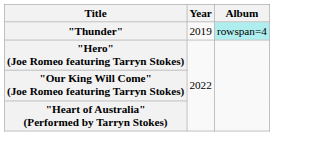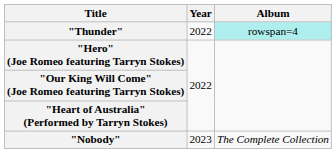 <table class="wikitable plainrowheaders" style="text-align:center;">
 <tr>
 <th>Title</th>
 <th>Year</th>
 <th>Album</th>
 </tr>
 <tr>
 <th scope="row">"Thunder"</th>
-<td>2019</td>
+<td>2022</td>
 <td style="background: paleturquoise;">rowspan=4 </td>
 </tr>
 <tr>
 <th scope="row">"Hero"<br>(Joe Romeo featuring Tarryn Stokes)</th>
 <td rowspan="3">2022</td>
 </tr>
 <tr>
 <th scope="row">"Our King Will Come"<br>(Joe Romeo featuring Tarryn Stokes)</th>
 </tr>
 <tr>
 <th scope="row">"Heart of Australia"<br> (Performed by Tarryn Stokes)</th>
 </tr>
+<tr>
+<th scope="row">"Nobody"</th>
+<td>2023</td>
+<td><em>The Complete Collection</em></td>
+</tr>
 </table>
